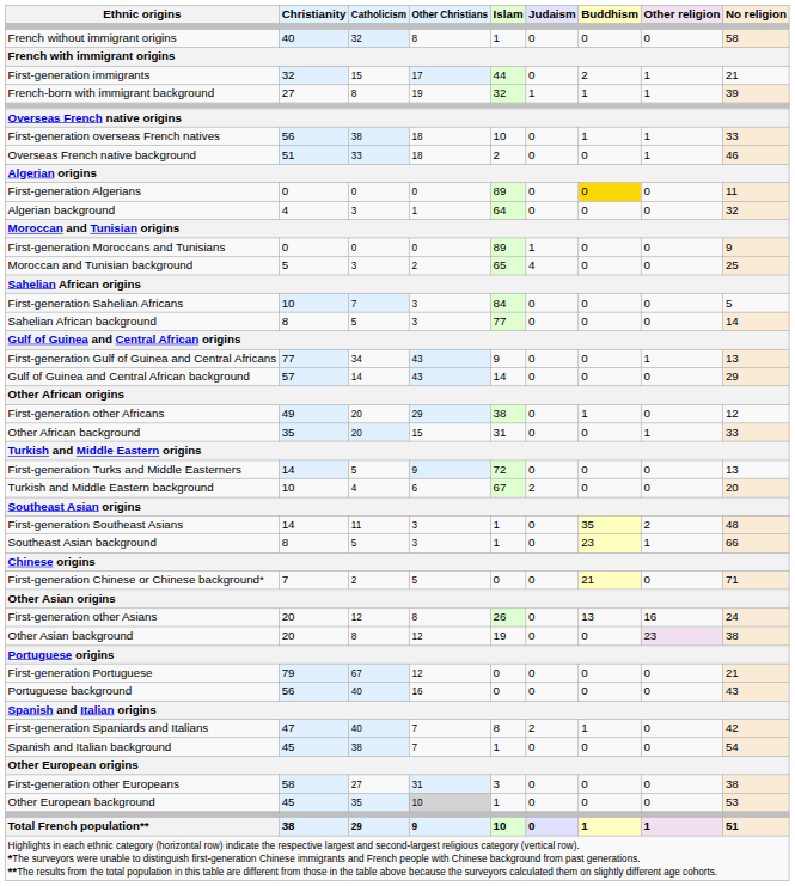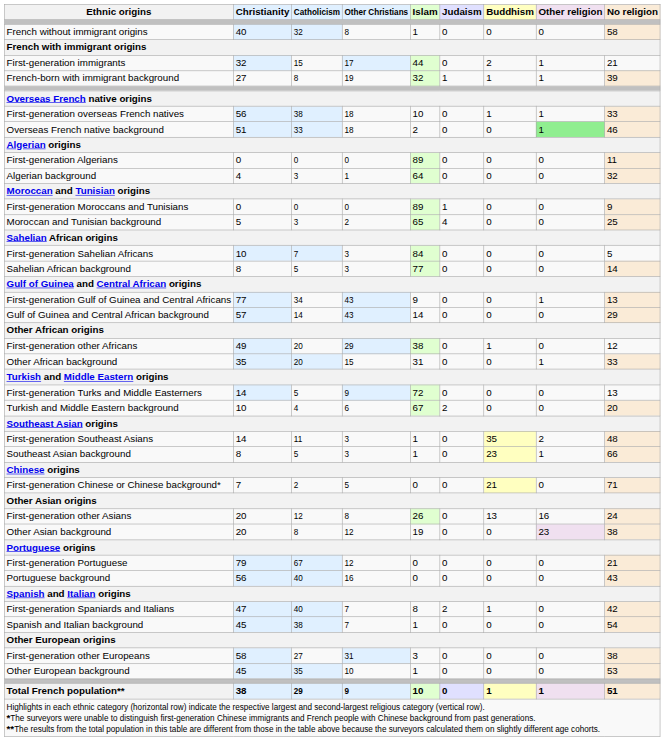 <table class="wikitable">
 <tr>
 <th>Ethnic origins</th>
 <th style="text-align:center; background:#E0F0FF;">Christianity</th>
 <th style="text-align:center; background:#E0F0FF;"><small>Catholicism</small></th>
 <th style="text-align:center; background:#E0F0FF;"><small>Other Christians</small></th>
 <th style="text-align:center; background:#E0FFD0;">Islam</th>
 <th style="text-align:center; background:#E0E0FF;">Judaism</th>
 <th style="text-align:center; background:#FFFFC0;">Buddhism</th>
 <th style="text-align:center; background:#F0E0F0;">Other religion</th>
 <th style="text-align:center; background:#FAEBD7;">No religion</th>
 </tr>
 <tr>
 <th colspan="10" style="background:#C0C0C0;"></th>
 </tr>
 <tr>
 <td>French without immigrant origins</td>
 <td style="background:#E0F0FF;">40</td>
 <td style="background:#E0F0FF;"><small>32</small></td>
 <td><small>8</small></td>
 <td>1</td>
 <td>0</td>
 <td>0</td>
 <td>0</td>
 <td style="background:#FAEBD7;">58</td>
 </tr>
 <tr>
 <th style="text-align:left;" colspan="9">French with immigrant origins</th>
 </tr>
 <tr>
 <td>First-generation immigrants</td>
 <td style="background:#E0F0FF;">32</td>
 <td><small>15</small></td>
 <td style="background:#E0F0FF;"><small>17</small></td>
 <td style="background:#E0FFD0;">44</td>
 <td>0</td>
 <td>2</td>
 <td>1</td>
 <td>21</td>
 </tr>
 <tr>
 <td>French-born with immigrant background</td>
 <td>27</td>
 <td><small>8</small></td>
 <td><small>19</small></td>
 <td style="background:#E0FFD0;">32</td>
 <td>1</td>
 <td>1</td>
 <td>1</td>
 <td style="background:#FAEBD7;">39</td>
 </tr>
 <tr>
 <th colspan="10" style="background:#C0C0C0;"></th>
 </tr>
 <tr>
 <th style="text-align:left;" colspan="9"><a href='#'>Overseas French</a> native origins</th>
 </tr>
 <tr>
 <td>First-generation overseas French natives</td>
 <td style="background:#E0F0FF;">56</td>
 <td style="background:#E0F0FF;"><small>38</small></td>
 <td><small>18</small></td>
 <td>10</td>
 <td>0</td>
 <td>1</td>
 <td>1</td>
 <td style="background:#FAEBD7;">33</td>
 </tr>
 <tr>
 <td>Overseas French native background</td>
 <td style="background:#E0F0FF;">51</td>
 <td style="background:#E0F0FF;"><small>33</small></td>
 <td><small>18</small></td>
 <td>2</td>
 <td>0</td>
 <td>0</td>
-<td>1</td>
+<td style="background: lightgreen;">1</td>
 <td style="background:#FAEBD7;">46</td>
 </tr>
 <tr>
 <th style="text-align:left;" colspan="9"><a href='#'>Algerian</a> origins</th>
 </tr>
 <tr>
 <td>First-generation Algerians</td>
 <td>0</td>
 <td><small>0</small></td>
 <td><small>0</small></td>
 <td style="background:#E0FFD0;">89</td>
 <td>0</td>
-<td style="background: gold;">0</td>
+<td>0</td>
 <td>0</td>
 <td style="background:#FAEBD7;">11</td>
 </tr>
 <tr>
 <td>Algerian background</td>
 <td>4</td>
 <td><small>3</small></td>
 <td><small>1</small></td>
 <td style="background:#E0FFD0;">64</td>
 <td>0</td>
 <td>0</td>
 <td>0</td>
 <td style="background:#FAEBD7;">32</td>
 </tr>
 <tr>
 <th style="text-align:left;" colspan="9"><a href='#'>Moroccan</a> and <a href='#'>Tunisian</a> origins</th>
 </tr>
 <tr>
 <td>First-generation Moroccans and Tunisians</td>
 <td>0</td>
 <td><small>0</small></td>
 <td><small>0</small></td>
 <td style="background:#E0FFD0;">89</td>
 <td>1</td>
 <td>0</td>
 <td>0</td>
 <td style="background:#FAEBD7;">9</td>
 </tr>
 <tr>
 <td>Moroccan and Tunisian background</td>
 <td>5</td>
 <td><small>3</small></td>
 <td><small>2</small></td>
 <td style="background:#E0FFD0;">65</td>
 <td>4</td>
 <td>0</td>
 <td>0</td>
 <td style="background:#FAEBD7;">25</td>
 </tr>
 <tr>
 <th style="text-align:left;" colspan="9"><a href='#'>Sahelian</a> African origins</th>
 </tr>
 <tr>
 <td>First-generation Sahelian Africans</td>
 <td style="background:#E0F0FF;">10</td>
 <td style="background:#E0F0FF;"><small>7</small></td>
 <td><small>3</small></td>
 <td style="background:#E0FFD0;">84</td>
 <td>0</td>
 <td>0</td>
 <td>0</td>
 <td>5</td>
 </tr>
 <tr>
 <td>Sahelian African background</td>
 <td>8</td>
 <td><small>5</small></td>
 <td><small>3</small></td>
 <td style="background:#E0FFD0;">77</td>
 <td>0</td>
 <td>0</td>
 <td>0</td>
 <td style="background:#FAEBD7;">14</td>
 </tr>
 <tr>
 <th style="text-align:left;" colspan="9"><a href='#'>Gulf of Guinea</a> and <a href='#'>Central African</a> origins</th>
 </tr>
 <tr>
 <td>First-generation Gulf of Guinea and Central Africans</td>
 <td style="background:#E0F0FF;">77</td>
 <td><small>34</small></td>
 <td style="background:#E0F0FF;"><small>43</small></td>
 <td>9</td>
 <td>0</td>
 <td>0</td>
 <td>1</td>
 <td style="background:#FAEBD7;">13</td>
 </tr>
 <tr>
 <td>Gulf of Guinea and Central African background</td>
 <td style="background:#E0F0FF;">57</td>
 <td><small>14</small></td>
 <td style="background:#E0F0FF;"><small>43</small></td>
 <td>14</td>
 <td>0</td>
 <td>0</td>
 <td>0</td>
 <td style="background:#FAEBD7;">29</td>
 </tr>
 <tr>
 <th style="text-align:left;" colspan="9">Other African origins</th>
 </tr>
 <tr>
 <td>First-generation other Africans</td>
 <td style="background:#E0F0FF;">49</td>
 <td><small>20</small></td>
 <td style="background:#E0F0FF;"><small>29</small></td>
 <td style="background:#E0FFD0;">38</td>
 <td>0</td>
 <td>1</td>
 <td>0</td>
 <td>12</td>
 </tr>
 <tr>
 <td>Other African background</td>
 <td style="background:#E0F0FF;">35</td>
 <td style="background:#E0F0FF;"><small>20</small></td>
 <td><small>15</small></td>
 <td>31</td>
 <td>0</td>
 <td>0</td>
 <td>1</td>
 <td style="background:#FAEBD7;">33</td>
 </tr>
 <tr>
 <th style="text-align:left;" colspan="9"><a href='#'>Turkish</a> and <a href='#'>Middle Eastern</a> origins</th>
 </tr>
 <tr>
 <td>First-generation Turks and Middle Easterners</td>
 <td style="background:#E0F0FF;">14</td>
 <td><small>5</small></td>
 <td style="background:#E0F0FF;"><small>9</small></td>
 <td style="background:#E0FFD0;">72</td>
 <td>0</td>
 <td>0</td>
 <td>0</td>
 <td>13</td>
 </tr>
 <tr>
 <td>Turkish and Middle Eastern background</td>
 <td>10</td>
 <td><small>4</small></td>
 <td><small>6</small></td>
 <td style="background:#E0FFD0;">67</td>
 <td>2</td>
 <td>0</td>
 <td>0</td>
 <td style="background:#FAEBD7;">20</td>
 </tr>
 <tr>
 <th style="text-align:left;" colspan="9"><a href='#'>Southeast Asian</a> origins</th>
 </tr>
 <tr>
 <td>First-generation Southeast Asians</td>
 <td>14</td>
 <td><small>11</small></td>
 <td><small>3</small></td>
 <td>1</td>
 <td>0</td>
 <td style="background:#FFFFC0;">35</td>
 <td>2</td>
 <td style="background:#FAEBD7;">48</td>
 </tr>
 <tr>
 <td>Southeast Asian background</td>
 <td>8</td>
 <td><small>5</small></td>
 <td><small>3</small></td>
 <td>1</td>
 <td>0</td>
 <td style="background:#FFFFC0;">23</td>
 <td>1</td>
 <td style="background:#FAEBD7;">66</td>
 </tr>
 <tr>
 <th style="text-align:left;" colspan="9"><a href='#'>Chinese</a> origins</th>
 </tr>
 <tr>
 <td>First-generation Chinese or Chinese background*</td>
 <td>7</td>
 <td><small>2</small></td>
 <td><small>5</small></td>
 <td>0</td>
 <td>0</td>
 <td style="background:#FFFFC0;">21</td>
 <td>0</td>
 <td style="background:#FAEBD7;">71</td>
 </tr>
 <tr>
 <th style="text-align:left;" colspan="9">Other Asian origins</th>
 </tr>
 <tr>
 <td>First-generation other Asians</td>
 <td>20</td>
 <td><small>12</small></td>
 <td><small>8</small></td>
 <td style="background:#E0FFD0;">26</td>
 <td>0</td>
 <td>13</td>
 <td>16</td>
 <td style="background:#FAEBD7;">24</td>
 </tr>
 <tr>
 <td>Other Asian background</td>
 <td>20</td>
 <td><small>8</small></td>
 <td><small>12</small></td>
 <td>19</td>
 <td>0</td>
 <td>0</td>
 <td style="background:#F0E0F0;">23</td>
 <td style="background:#FAEBD7;">38</td>
 </tr>
 <tr>
 <th style="text-align:left;" colspan="9"><a href='#'>Portuguese</a> origins</th>
 </tr>
 <tr>
 <td>First-generation Portuguese</td>
 <td style="background:#E0F0FF;">79</td>
 <td style="background:#E0F0FF;"><small>67</small></td>
 <td><small>12</small></td>
 <td>0</td>
 <td>0</td>
 <td>0</td>
 <td>0</td>
 <td style="background:#FAEBD7;">21</td>
 </tr>
 <tr>
 <td>Portuguese background</td>
 <td style="background:#E0F0FF;">56</td>
 <td style="background:#E0F0FF;"><small>40</small></td>
 <td><small>16</small></td>
 <td>0</td>
 <td>0</td>
 <td>0</td>
 <td>0</td>
 <td style="background:#FAEBD7;">43</td>
 </tr>
 <tr>
 <th style="text-align:left;" colspan="9"><a href='#'>Spanish</a> and <a href='#'>Italian</a> origins</th>
 </tr>
 <tr>
 <td>First-generation Spaniards and Italians</td>
 <td style="background:#E0F0FF;">47</td>
 <td style="background:#E0F0FF;"><small>40</small></td>
 <td><small>7</small></td>
 <td>8</td>
 <td>2</td>
 <td>1</td>
 <td>0</td>
 <td style="background:#FAEBD7;">42</td>
 </tr>
 <tr>
 <td>Spanish and Italian background</td>
 <td style="background:#E0F0FF;">45</td>
 <td style="background:#E0F0FF;"><small>38</small></td>
 <td><small>7</small></td>
 <td>1</td>
 <td>0</td>
 <td>0</td>
 <td>0</td>
 <td style="background:#FAEBD7;">54</td>
 </tr>
 <tr>
 <th style="text-align:left;" colspan="9">Other European origins</th>
 </tr>
 <tr>
 <td>First-generation other Europeans</td>
 <td style="background:#E0F0FF;">58</td>
 <td><small>27</small></td>
 <td style="background:#E0F0FF;"><small>31</small></td>
 <td>3</td>
 <td>0</td>
 <td>0</td>
 <td>0</td>
 <td style="background:#FAEBD7;">38</td>
 </tr>
 <tr>
 <td>Other European background</td>
 <td style="background:#E0F0FF;">45</td>
 <td style="background:#E0F0FF;"><small>35</small></td>
-<td style="background: lightgrey;"><small>10</small></td>
+<td><small>10</small></td>
 <td>1</td>
 <td>0</td>
 <td>0</td>
 <td>0</td>
 <td style="background:#FAEBD7;">53</td>
 </tr>
 <tr>
 <th colspan="10" style="background:#C0C0C0;"></th>
 </tr>
 <tr>
 <th style="text-align:left;">Total French population**</th>
 <th style="text-align:left; background:#E0F0FF;">38</th>
 <th style="text-align:left; background:#E0F0FF;"><small>29</small></th>
 <th style="text-align:left; background:#E0F0FF;"><small>9</small></th>
 <th style="text-align:left; background:#E0FFD0;">10</th>
 <th style="text-align:left; background:#E0E0FF;">0</th>
 <th style="text-align:left; background:#FFFFC0;">1</th>
 <th style="text-align:left; background:#F0E0F0;">1</th>
 <th style="text-align:left; background:#FAEBD7;">51</th>
 </tr>
 <tr>
 <td colspan="10"><small>Highlights in each ethnic category (horizontal row) indicate the respective largest and second-largest religious category (vertical row).</small><br><strong>*</strong><small>The surveyors were unable to distinguish first-generation Chinese immigrants and French people with Chinese background from past generations.</small><br><strong>**</strong><small>The results from the total population in this table are different from those in the table above because the surveyors calculated them on slightly different age cohorts.</small></td>
 </tr>
 </table>
